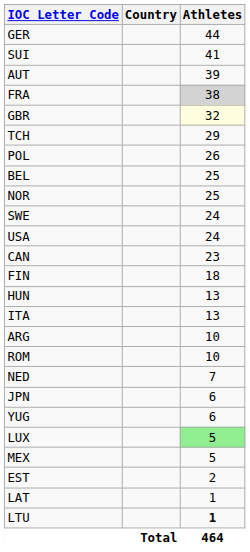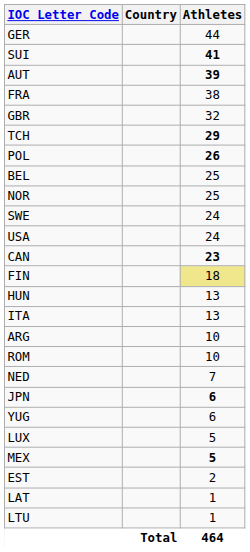 <table class="wikitable collapsible collapsed sortable" style="border:0;">
 <tr>
 <th><a href='#'>IOC Letter Code</a></th>
 <th>Country</th>
 <th>Athletes</th>
 </tr>
 <tr>
 <td>GER</td>
 <td></td>
 <td align=center>44</td>
 </tr>
 <tr>
 <td>SUI</td>
 <td></td>
-<td align=center>41</td>
+<td align=center><strong>41</strong></td>
 </tr>
 <tr>
 <td>AUT</td>
 <td></td>
-<td align=center>39</td>
+<td align=center><strong>39</strong></td>
 </tr>
 <tr>
 <td>FRA</td>
 <td></td>
-<td align=center style="background: lightgrey;">38</td>
+<td align=center>38</td>
 </tr>
 <tr>
 <td>GBR</td>
 <td></td>
-<td align=center style="background: lightyellow;">32</td>
+<td align=center>32</td>
 </tr>
 <tr>
 <td>TCH</td>
 <td></td>
-<td align=center>29</td>
+<td align=center><strong>29</strong></td>
 </tr>
 <tr>
 <td>POL</td>
 <td></td>
-<td align=center>26</td>
+<td align=center><strong>26</strong></td>
 </tr>
 <tr>
 <td>BEL</td>
 <td></td>
 <td align=center>25</td>
 </tr>
 <tr>
 <td>NOR</td>
 <td></td>
 <td align=center>25</td>
 </tr>
 <tr>
 <td>SWE</td>
 <td></td>
 <td align=center>24</td>
 </tr>
 <tr>
 <td>USA</td>
 <td></td>
 <td align=center>24</td>
 </tr>
 <tr>
 <td>CAN</td>
 <td></td>
-<td align=center>23</td>
+<td align=center><strong>23</strong></td>
 </tr>
 <tr>
 <td>FIN</td>
 <td></td>
-<td align=center>18</td>
+<td align=center style="background: khaki;">18</td>
 </tr>
 <tr>
 <td>HUN</td>
 <td></td>
 <td align=center>13</td>
 </tr>
 <tr>
 <td>ITA</td>
 <td></td>
 <td align=center>13</td>
 </tr>
 <tr>
 <td>ARG</td>
 <td></td>
 <td align=center>10</td>
 </tr>
 <tr>
 <td>ROM</td>
 <td></td>
 <td align=center>10</td>
 </tr>
 <tr>
 <td>NED</td>
 <td></td>
 <td align=center>7</td>
 </tr>
 <tr>
 <td>JPN</td>
 <td></td>
-<td align=center>6</td>
+<td align=center><strong>6</strong></td>
 </tr>
 <tr>
 <td>YUG</td>
 <td></td>
 <td align=center>6</td>
 </tr>
 <tr>
 <td>LUX</td>
 <td></td>
-<td align=center style="background: lightgreen;">5</td>
+<td align=center>5</td>
 </tr>
 <tr>
 <td>MEX</td>
 <td></td>
-<td align=center>5</td>
+<td align=center><strong>5</strong></td>
 </tr>
 <tr>
 <td>EST</td>
 <td></td>
 <td align=center>2</td>
 </tr>
 <tr>
 <td>LAT</td>
 <td></td>
 <td align=center>1</td>
 </tr>
 <tr>
 <td>LTU</td>
 <td></td>
-<td align=center><strong>1</strong></td>
+<td align=center>1</td>
 </tr>
 <tr class="sortbottom">
 <td colspan=2; style="text-align:right; border:0px; background:#fff;"><strong>Total</strong></td>
 <td style="text-align:center; border:0px; background:#fff;"><strong>464</strong></td>
 </tr>
 <tr>
 </tr>
 </table>
